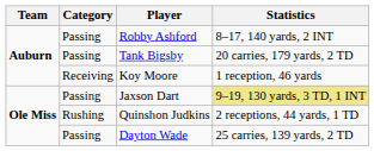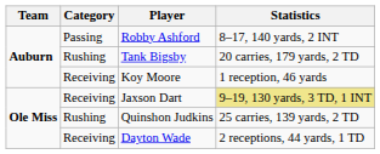 <table class="wikitable" style="float: right;">
 <tr>
 <th>Team</th>
 <th>Category</th>
 <th>Player</th>
 <th>Statistics</th>
 </tr>
 <tr>
 <td rowspan=3><strong>Auburn</strong></td>
 <td>Passing</td>
 <td><a href='#'>Robby Ashford</a></td>
 <td>8–17, 140 yards, 2 INT</td>
 </tr>
 <tr>
-<td>Passing</td>
+<td>Rushing</td>
 <td><a href='#'>Tank Bigsby</a></td>
 <td>20 carries, 179 yards, 2 TD</td>
 </tr>
 <tr>
 <td>Receiving</td>
 <td>Koy Moore</td>
 <td>1 reception, 46 yards</td>
 </tr>
 <tr>
 <td rowspan=3><strong>Ole Miss</strong></td>
-<td>Passing</td>
+<td>Receiving</td>
 <td>Jaxson Dart</td>
 <td style="background: khaki;">9–19, 130 yards, 3 TD, 1 INT</td>
 </tr>
 <tr>
 <td>Rushing</td>
 <td>Quinshon Judkins</td>
+<td>25 carries, 139 yards, 2 TD</td>
+</tr>
+<tr>
+<td>Receiving</td>
+<td><a href='#'>Dayton Wade</a></td>
 <td>2 receptions, 44 yards, 1 TD</td>
 </tr>
-<tr>
-<td>Passing</td>
-<td><a href='#'>Dayton Wade</a></td>
-<td>25 carries, 139 yards, 2 TD</td>
-</tr>
 </table>
